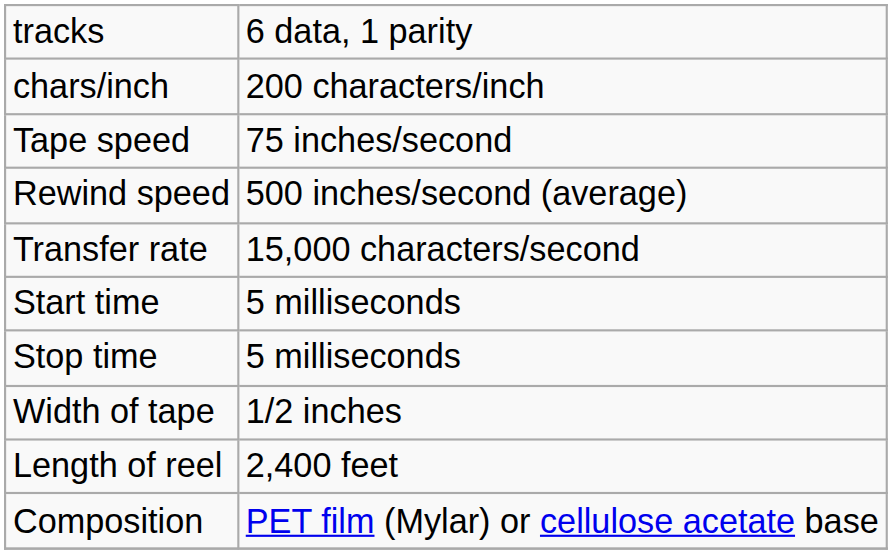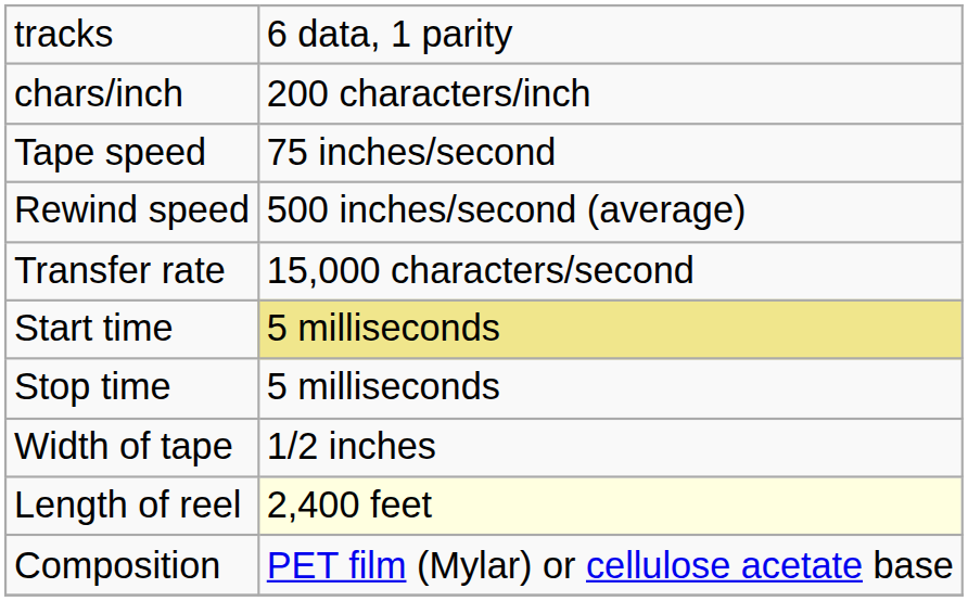 <table class="wikitable">
 <tr>
 <td>tracks</td>
 <td>6 data, 1 parity</td>
 </tr>
 <tr>
 <td>chars/inch</td>
 <td>200 characters/inch</td>
 </tr>
 <tr>
 <td>Tape speed</td>
 <td>75 inches/second</td>
 </tr>
 <tr>
 <td>Rewind speed</td>
 <td>500 inches/second (average)</td>
 </tr>
 <tr>
 <td>Transfer rate</td>
 <td>15,000 characters/second</td>
 </tr>
 <tr>
 <td>Start time</td>
-<td>5 milliseconds</td>
+<td style="background: khaki;">5 milliseconds</td>
 </tr>
 <tr>
 <td>Stop time</td>
 <td>5 milliseconds</td>
 </tr>
 <tr>
 <td>Width of tape</td>
 <td>1/2 inches</td>
 </tr>
 <tr>
 <td>Length of reel</td>
-<td>2,400 feet</td>
+<td style="background: lightyellow;">2,400 feet</td>
 </tr>
 <tr>
 <td>Composition</td>
 <td><a href='#'>PET film</a> (Mylar) or <a href='#'>cellulose acetate</a> base</td>
 </tr>
 <tr>
 </tr>
 </table>
